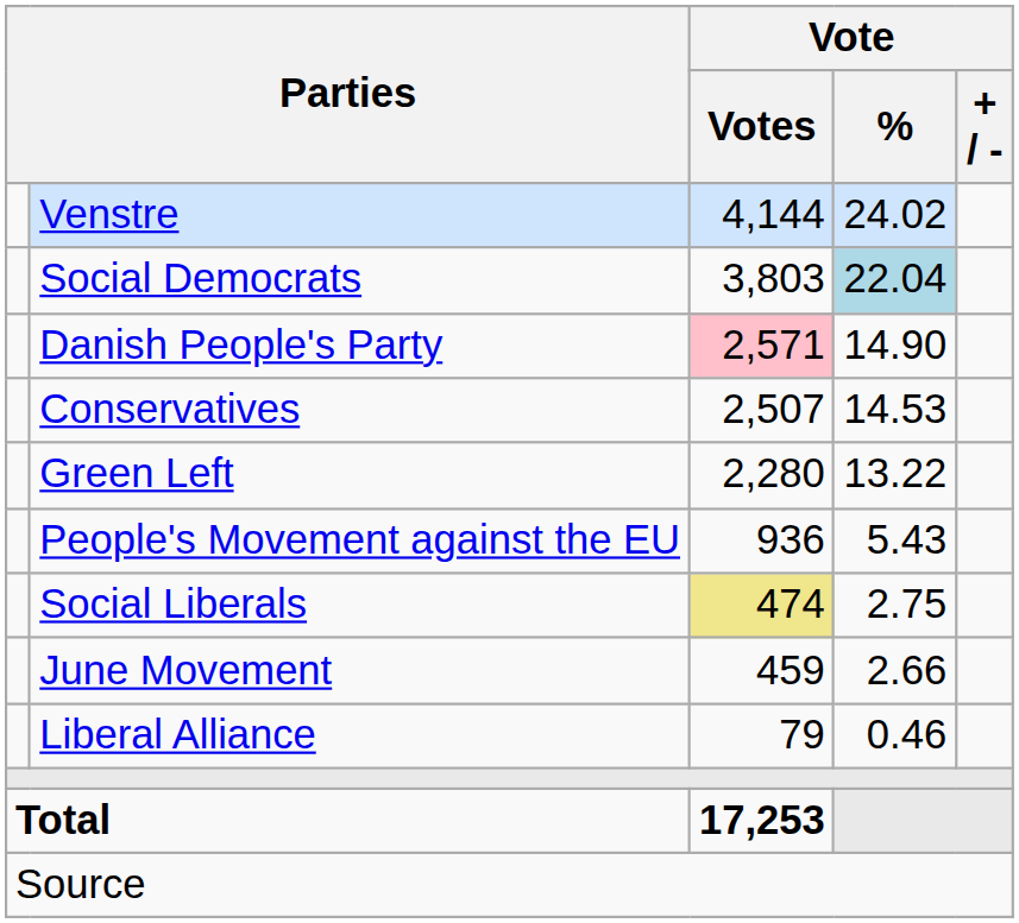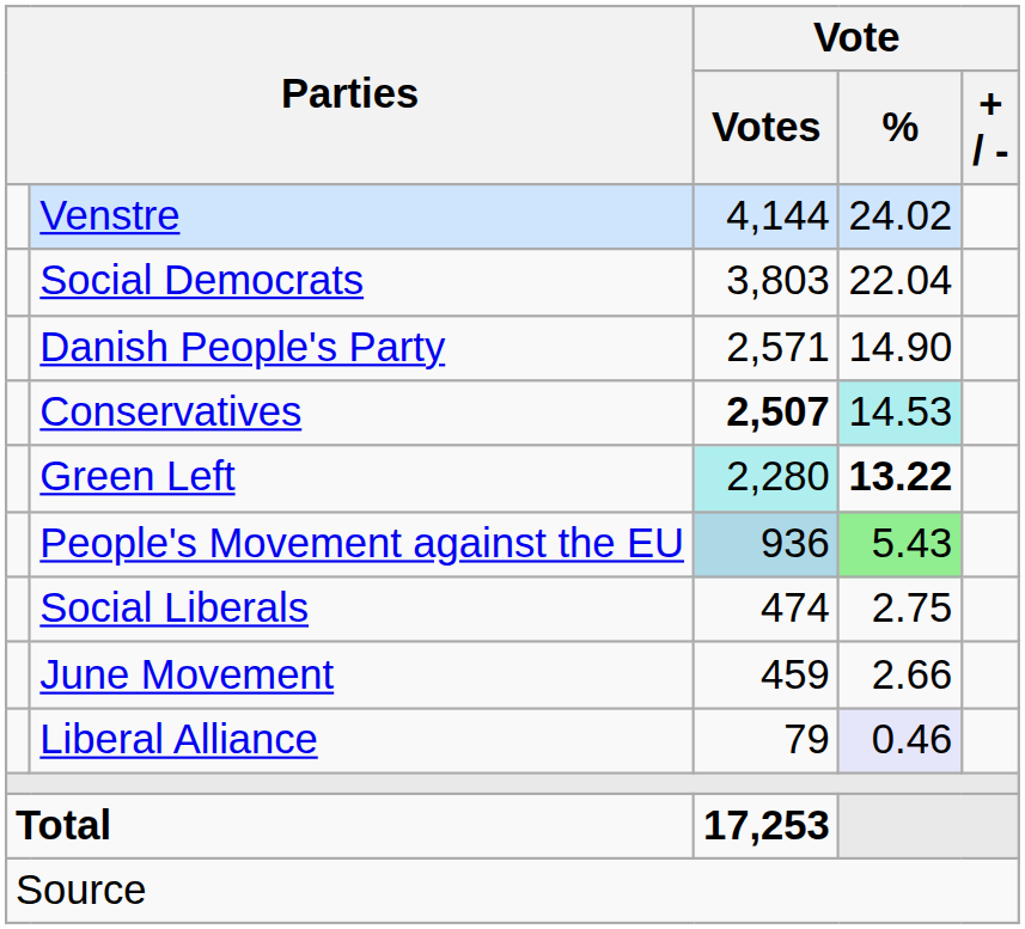 <table class="wikitable" style="text-align:right;">
 <tr>
 <th style="text-align:centre;" rowspan="2" colspan="2" width="225">Parties</th>
 <th colspan="3">Vote</th>
 </tr>
 <tr>
 <th width="15">Votes</th>
 <th width="15">%</th>
 <th width="15">+ / -</th>
 </tr>
 <tr>
 <td width="2" style="color:inherit;background:"></td>
 <td bgcolor=#cfe5fe   align="left"><a href='#'>Venstre</a></td>
 <td bgcolor=#cfe5fe>4,144</td>
 <td bgcolor=#cfe5fe>24.02</td>
 <td></td>
 </tr>
 <tr>
 <td width="2" style="color:inherit;background:"></td>
 <td align="left"><a href='#'>Social Democrats</a></td>
 <td>3,803</td>
-<td style="background: lightblue;">22.04</td>
+<td>22.04</td>
 <td></td>
 </tr>
 <tr>
 <td width="2" style="color:inherit;background:"></td>
 <td align="left"><a href='#'>Danish People's Party</a></td>
-<td style="background: pink;">2,571</td>
+<td>2,571</td>
 <td>14.90</td>
 <td></td>
 </tr>
 <tr>
 <td width="2" style="color:inherit;background:"></td>
 <td align="left"><a href='#'>Conservatives</a></td>
-<td>2,507</td>
-<td>14.53</td>
+<td><strong>2,507</strong></td>
+<td style="background: paleturquoise;">14.53</td>
 <td></td>
 </tr>
 <tr>
 <td width="2" style="color:inherit;background:"></td>
 <td align="left"><a href='#'>Green Left</a></td>
-<td>2,280</td>
-<td>13.22</td>
+<td style="background: paleturquoise;">2,280</td>
+<td><strong>13.22</strong></td>
 <td></td>
 </tr>
 <tr>
 <td width="2" style="color:inherit;background:"></td>
 <td align="left"><a href='#'>People's Movement against the EU</a></td>
-<td>936</td>
-<td>5.43</td>
+<td style="background: lightblue;">936</td>
+<td style="background: lightgreen;">5.43</td>
 <td></td>
 </tr>
 <tr>
 <td width="2" style="color:inherit;background:"></td>
 <td align="left"><a href='#'>Social Liberals</a></td>
-<td style="background: khaki;">474</td>
+<td>474</td>
 <td>2.75</td>
 <td></td>
 </tr>
 <tr>
 <td width="2" style="color:inherit;background:"></td>
 <td align="left"><a href='#'>June Movement</a></td>
 <td>459</td>
 <td>2.66</td>
 <td></td>
 </tr>
 <tr>
 <td width="2" style="color:inherit;background:"></td>
 <td align="left"><a href='#'>Liberal Alliance</a></td>
 <td>79</td>
-<td>0.46</td>
+<td style="background: lavender;">0.46</td>
 <td></td>
 </tr>
 <tr>
 <td colspan="7" bgcolor="#E9E9E9"></td>
 </tr>
 <tr>
 <td align="left" colspan="2"><strong>Total</strong></td>
 <td><strong>17,253</strong></td>
 <td bgcolor="#E9E9E9" colspan="2"></td>
 </tr>
 <tr>
 <td align="left" colspan="6">Source</td>
 </tr>
 </table>
